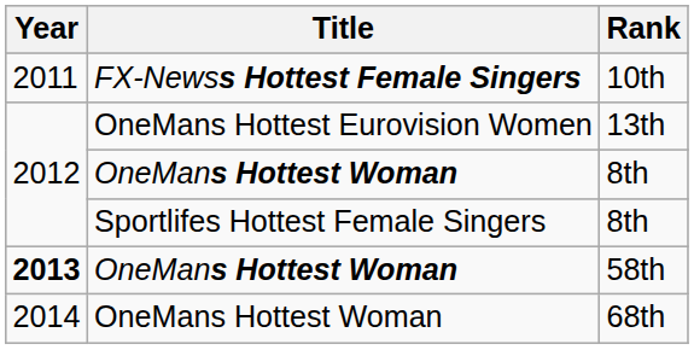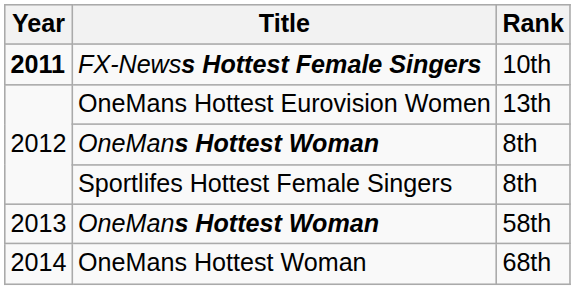 <table class="wikitable sortable">
 <tr>
 <th>Year</th>
 <th>Title</th>
 <th>Rank</th>
 </tr>
 <tr>
-<td>2011</td>
+<td><strong>2011</strong></td>
 <td><em>FX-News<strong>s Hottest Female Singers</td>
 <td>10th</td>
 </tr>
 <tr>
 <td rowspan="3">2012</td>
 <td></em>OneMan</strong>s Hottest Eurovision Women</td>
 <td>13th</td>
 </tr>
 <tr>
 <td><em>OneMan<strong>s Hottest Woman</td>
 <td>8th</td>
 </tr>
 <tr>
 <td></em>Sportlife</strong>s Hottest Female Singers</td>
 <td>8th</td>
 </tr>
 <tr>
-<td><strong>2013</strong></td>
+<td>2013</td>
 <td><em>OneMan<strong>s Hottest Woman</td>
 <td>58th</td>
 </tr>
 <tr>
 <td>2014</td>
 <td></em>OneMan</strong>s Hottest Woman</td>
 <td>68th</td>
 </tr>
 </table>
